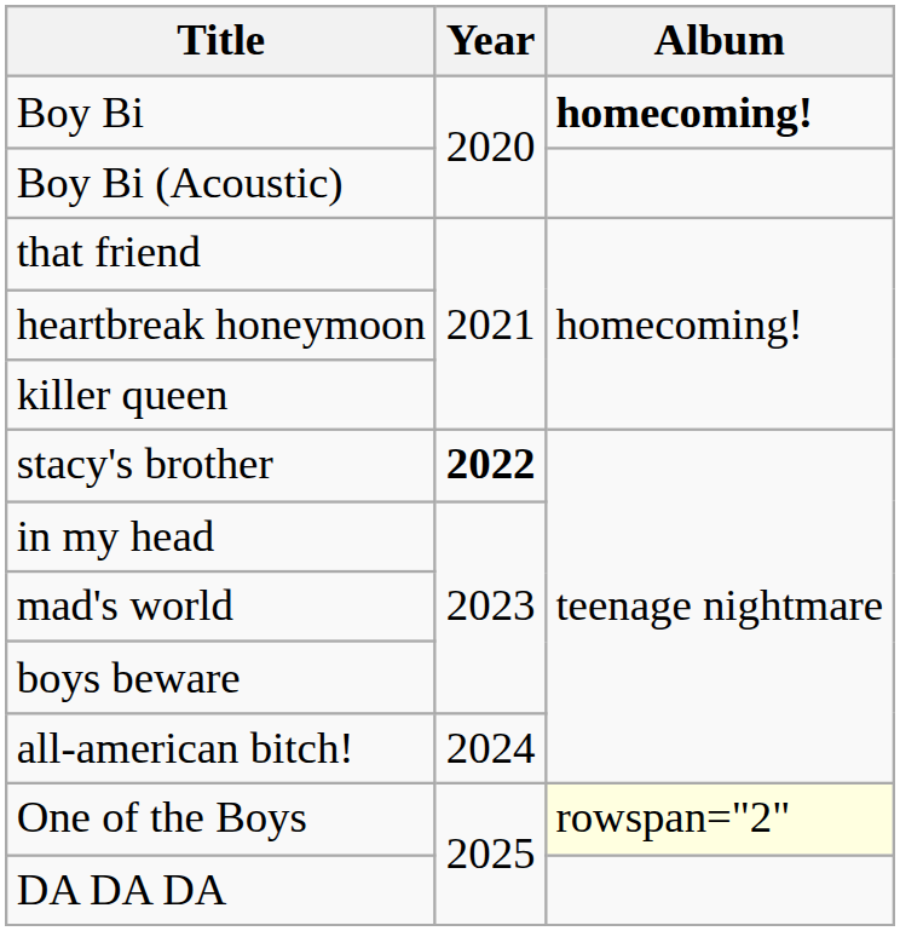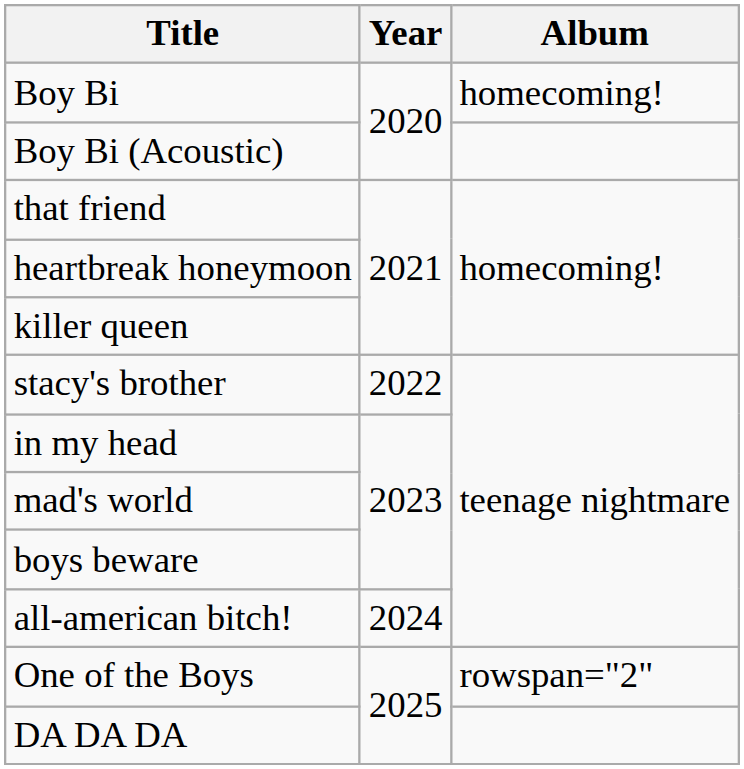 <table class="wikitable">
 <tr>
 <th>Title</th>
 <th>Year</th>
 <th>Album</th>
 </tr>
 <tr>
 <td>Boy Bi</td>
 <td rowspan="2">2020</td>
-<td><strong>homecoming!</strong></td>
+<td>homecoming!</td>
 </tr>
 <tr>
 <td>Boy Bi (Acoustic)</td>
 <td></td>
 </tr>
 <tr>
 <td>that friend</td>
 <td rowspan="3">2021</td>
 <td rowspan="3">homecoming!</td>
 </tr>
 <tr>
 <td>heartbreak honeymoon</td>
 </tr>
 <tr>
 <td>killer queen</td>
 </tr>
 <tr>
 <td>stacy's brother</td>
-<td><strong>2022</strong></td>
+<td>2022</td>
 <td rowspan="5">teenage nightmare</td>
 </tr>
 <tr>
 <td>in my head</td>
 <td rowspan="3">2023</td>
 </tr>
 <tr>
 <td>mad's world</td>
 </tr>
 <tr>
 <td>boys beware</td>
 </tr>
 <tr>
 <td>all-american bitch!</td>
 <td>2024</td>
 </tr>
 <tr>
 <td>One of the Boys</td>
 <td rowspan="2">2025</td>
-<td style="background: lightyellow;">rowspan="2" </td>
+<td>rowspan="2" </td>
 </tr>
 <tr>
 <td>DA DA DA</td>
 </tr>
 <tr>
 </tr>
 </table>
